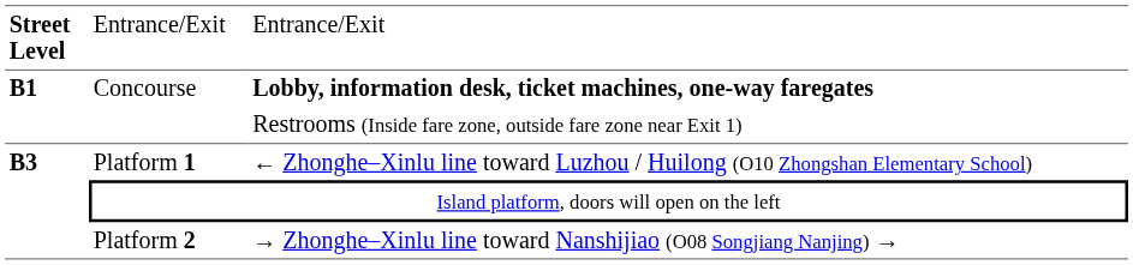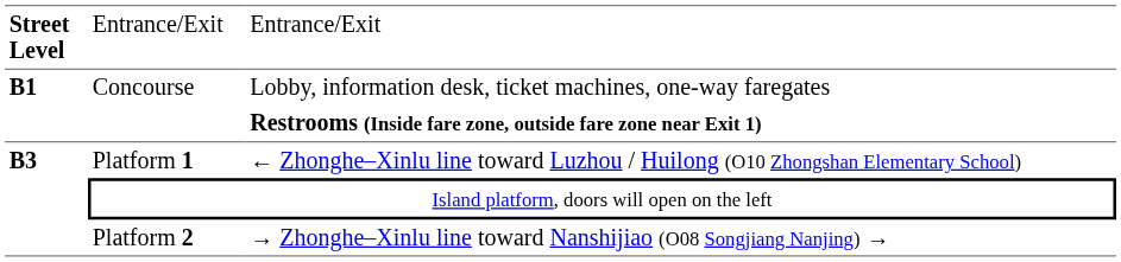 <table table border=0 cellspacing=0 cellpadding=3>
 <tr>
 <td style="border-bottom:solid 1px gray;border-top:solid 1px gray;" width=50 valign=top><strong>Street Level</strong></td>
 <td style="border-top:solid 1px gray;border-bottom:solid 1px gray;" width=100 valign=top>Entrance/Exit</td>
 <td style="border-top:solid 1px gray;border-bottom:solid 1px gray;" width=580 valign=top>Entrance/Exit</td>
 </tr>
 <tr>
 <td style="border-bottom:solid 1px gray;" rowspan=2 valign=top><strong>B1</strong></td>
 <td style="border-bottom:solid 1px gray;" rowspan=2 valign=top>Concourse</td>
-<td width=420><strong>Lobby, information desk, ticket machines, one-way faregates</strong></td>
+<td width=420>Lobby, information desk, ticket machines, one-way faregates</td>
 </tr>
 <tr>
-<td style="border-bottom:solid 1px gray;">Restrooms <small> (Inside fare zone, outside fare zone near Exit 1)</small></td>
+<td style="border-bottom:solid 1px gray;"><strong>Restrooms <small> (Inside fare zone, outside fare zone near Exit 1)</small></strong></td>
 </tr>
 <tr>
 <td style="border-bottom:solid 1px gray;" rowspan=3 valign=top><strong>B3</strong></td>
 <td>Platform <span><strong>1</strong></span></td>
 <td>←  <a href='#'>Zhonghe–Xinlu line</a> toward <a href='#'>Luzhou</a> / <a href='#'>Huilong</a> <small>(O10 <a href='#'>Zhongshan Elementary School</a>)</small></td>
 </tr>
 <tr>
 <td style="border-top:solid 2px black;border-right:solid 2px black;border-left:solid 2px black;border-bottom:solid 2px black;" colspan=2 align=center><small><a href='#'>Island platform</a>, doors will open on the left</small></td>
 </tr>
 <tr>
 <td style="border-bottom:solid 1px gray;">Platform <span><strong>2</strong></span></td>
 <td style="border-bottom:solid 1px gray;"><span>→</span>  <a href='#'>Zhonghe–Xinlu line</a> toward <a href='#'>Nanshijiao</a> <small>(O08 <a href='#'>Songjiang Nanjing</a>)</small> →</td>
 </tr>
 </table>
